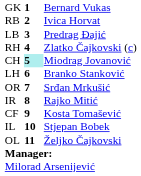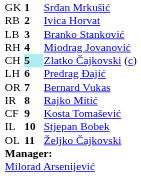 <table cellspacing="0" cellpadding="0" style="font-size:90%; margin:auto;">
 <tr>
 <th width=25></th>
 <th width=25></th>
 </tr>
 <tr>
 <td>GK</td>
 <td><strong>1</strong></td>
-<td><a href='#'>Bernard Vukas</a></td>
+<td><a href='#'>Srđan Mrkušić</a></td>
 </tr>
 <tr>
 <td>RB</td>
 <td><strong>2</strong></td>
 <td><a href='#'>Ivica Horvat</a></td>
 </tr>
 <tr>
 <td>LB</td>
 <td><strong>3</strong></td>
-<td><a href='#'>Predrag Đajić</a></td>
+<td><a href='#'>Branko Stanković</a></td>
 </tr>
 <tr>
 <td>RH</td>
 <td><strong>4</strong></td>
-<td><a href='#'>Zlatko Čajkovski</a> (<a href='#'>c</a>)</td>
+<td><a href='#'>Miodrag Jovanović</a></td>
 </tr>
 <tr>
 <td>CH</td>
 <td style="background: paleturquoise;"><strong>5</strong></td>
-<td><a href='#'>Miodrag Jovanović</a></td>
+<td><a href='#'>Zlatko Čajkovski</a> (<a href='#'>c</a>)</td>
 </tr>
 <tr>
 <td>LH</td>
 <td><strong>6</strong></td>
-<td><a href='#'>Branko Stanković</a></td>
+<td><a href='#'>Predrag Đajić</a></td>
 </tr>
 <tr>
 <td>OR</td>
 <td><strong>7</strong></td>
-<td><a href='#'>Srđan Mrkušić</a></td>
+<td><a href='#'>Bernard Vukas</a></td>
 </tr>
 <tr>
 <td>IR</td>
 <td><strong>8</strong></td>
 <td><a href='#'>Rajko Mitić</a></td>
 </tr>
 <tr>
 <td>CF</td>
 <td><strong>9</strong></td>
 <td><a href='#'>Kosta Tomašević</a></td>
 </tr>
 <tr>
 <td>IL</td>
 <td><strong>10</strong></td>
 <td><a href='#'>Stjepan Bobek</a></td>
 </tr>
 <tr>
 <td>OL</td>
 <td><strong>11</strong></td>
 <td><a href='#'>Željko Čajkovski</a></td>
 </tr>
 <tr>
 <td colspan=3><strong>Manager:</strong></td>
 </tr>
 <tr>
 <td colspan=4><a href='#'>Milorad Arsenijević</a></td>
 </tr>
 </table>
